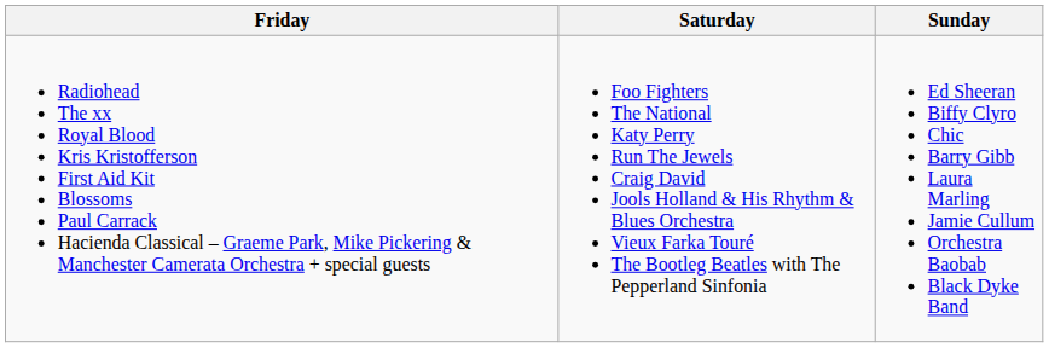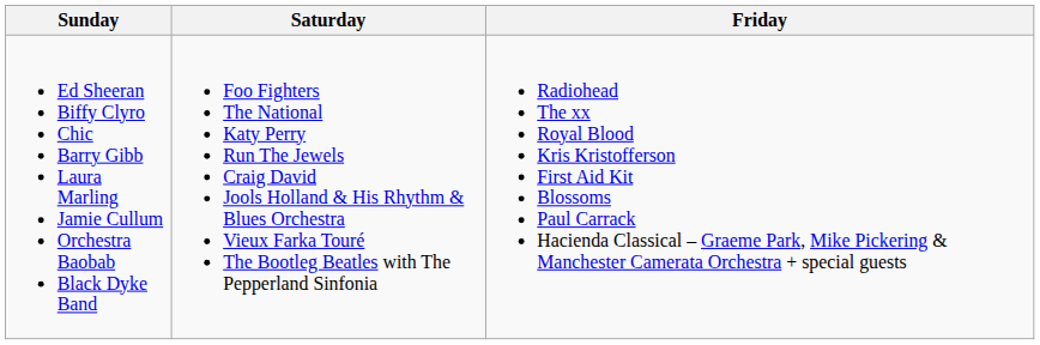 <table class="wikitable">
 <tr>
+<th>Sunday</th>
+<th>Saturday</th>
 <th>Friday</th>
-<th>Saturday</th>
-<th>Sunday</th>
 </tr>
 <tr valign="top">
+<td><br><ul><li><a href='#'>Ed Sheeran</a></li><li><a href='#'>Biffy Clyro</a></li><li><a href='#'>Chic</a></li><li><a href='#'>Barry Gibb</a></li><li><a href='#'>Laura Marling</a></li><li><a href='#'>Jamie Cullum</a></li><li><a href='#'>Orchestra Baobab</a></li><li><a href='#'>Black Dyke Band</a></li></ul></td>
+<td><br><ul><li><a href='#'>Foo Fighters</a></li><li><a href='#'>The National</a></li><li><a href='#'>Katy Perry</a></li><li><a href='#'>Run The Jewels</a></li><li><a href='#'>Craig David</a></li><li><a href='#'>Jools Holland & His Rhythm & Blues Orchestra</a></li><li><a href='#'>Vieux Farka Touré</a></li><li><a href='#'>The Bootleg Beatles</a> with The Pepperland Sinfonia</li></ul></td>
 <td><br><ul><li><a href='#'>Radiohead</a></li><li><a href='#'>The xx</a></li><li><a href='#'>Royal Blood</a></li><li><a href='#'>Kris Kristofferson</a></li><li><a href='#'>First Aid Kit</a></li><li><a href='#'>Blossoms</a></li><li><a href='#'>Paul Carrack</a></li><li>Hacienda Classical – <a href='#'>Graeme Park</a>, <a href='#'>Mike Pickering</a> & <a href='#'>Manchester Camerata Orchestra</a> + special guests</li></ul></td>
-<td><br><ul><li><a href='#'>Foo Fighters</a></li><li><a href='#'>The National</a></li><li><a href='#'>Katy Perry</a></li><li><a href='#'>Run The Jewels</a></li><li><a href='#'>Craig David</a></li><li><a href='#'>Jools Holland & His Rhythm & Blues Orchestra</a></li><li><a href='#'>Vieux Farka Touré</a></li><li><a href='#'>The Bootleg Beatles</a> with The Pepperland Sinfonia</li></ul></td>
-<td><br><ul><li><a href='#'>Ed Sheeran</a></li><li><a href='#'>Biffy Clyro</a></li><li><a href='#'>Chic</a></li><li><a href='#'>Barry Gibb</a></li><li><a href='#'>Laura Marling</a></li><li><a href='#'>Jamie Cullum</a></li><li><a href='#'>Orchestra Baobab</a></li><li><a href='#'>Black Dyke Band</a></li></ul></td>
 </tr>
 </table>
